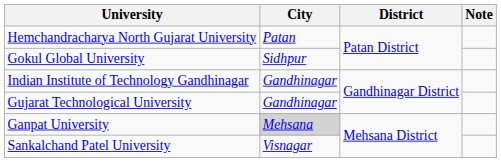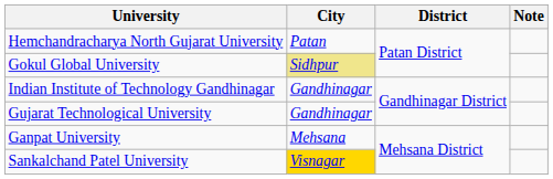 <table class="wikitable sortable">
 <tr>
 <th>University</th>
 <th>City</th>
 <th>District</th>
 <th>Note</th>
 </tr>
 <tr>
 <td><a href='#'>Hemchandracharya North Gujarat University</a></td>
 <td><em><a href='#'>Patan</a></em></td>
 <td rowspan="2"><a href='#'>Patan District</a></td>
 <td></td>
 </tr>
 <tr>
 <td><a href='#'>Gokul Global University</a></td>
-<td><em><a href='#'>Sidhpur</a></em></td>
+<td style="background: khaki;"><em><a href='#'>Sidhpur</a></em></td>
 <td></td>
 </tr>
 <tr>
 <td><a href='#'>Indian Institute of Technology Gandhinagar</a></td>
 <td><em><a href='#'>Gandhinagar</a></em></td>
 <td rowspan="2"><a href='#'>Gandhinagar District</a></td>
 <td></td>
 </tr>
 <tr>
 <td><a href='#'>Gujarat Technological University</a></td>
 <td><em><a href='#'>Gandhinagar</a></em></td>
 <td></td>
 </tr>
 <tr>
 <td><a href='#'>Ganpat University</a></td>
-<td style="background: lightgrey;"><em><a href='#'>Mehsana</a></em></td>
+<td><em><a href='#'>Mehsana</a></em></td>
 <td rowspan="2"><a href='#'>Mehsana District</a></td>
 <td></td>
 </tr>
 <tr>
 <td><a href='#'>Sankalchand Patel University</a></td>
-<td><em><a href='#'>Visnagar</a></em></td>
+<td style="background: gold;"><em><a href='#'>Visnagar</a></em></td>
 <td></td>
 </tr>
 </table>
